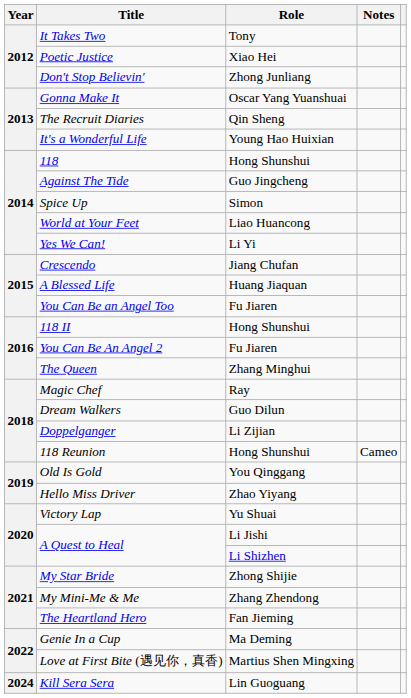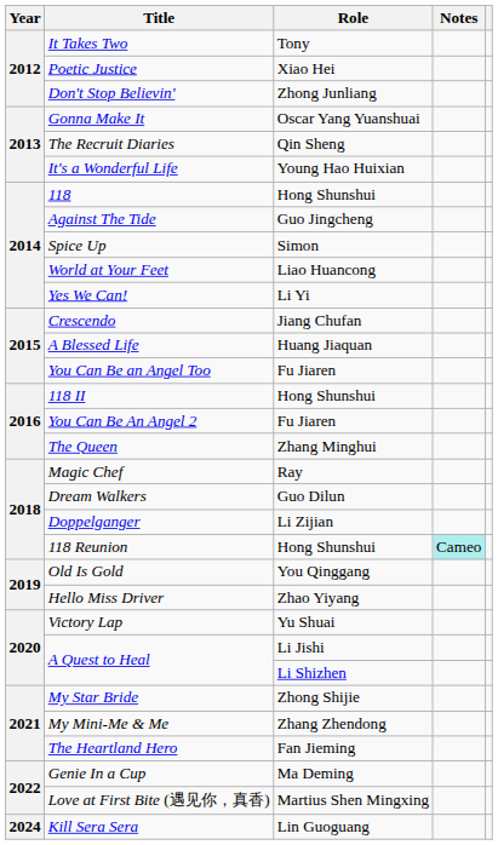 <table class="wikitable plainrowheaders">
 <tr>
 <th scope="col">Year</th>
 <th scope="col">Title</th>
 <th scope="col">Role</th>
 <th scope="col" class="unsortable">Notes</th>
 <th scope="col" class="unsortable"></th>
 </tr>
 <tr>
 <th scope="row" rowspan="3">2012</th>
 <td><em><a href='#'>It Takes Two</a></em></td>
 <td>Tony</td>
 <td></td>
 <td></td>
 </tr>
 <tr>
 <td><em><a href='#'>Poetic Justice</a></em></td>
 <td>Xiao Hei</td>
 <td></td>
 <td></td>
 </tr>
 <tr>
 <td><em><a href='#'>Don't Stop Believin'</a></em></td>
 <td>Zhong Junliang</td>
 <td></td>
 <td></td>
 </tr>
 <tr>
 <th scope="row" rowspan="3">2013</th>
 <td><em><a href='#'>Gonna Make It</a></em></td>
 <td>Oscar Yang Yuanshuai</td>
 <td></td>
 <td></td>
 </tr>
 <tr>
 <td><em>The Recruit Diaries</em></td>
 <td>Qin Sheng</td>
 <td></td>
 <td></td>
 </tr>
 <tr>
 <td><em><a href='#'>It's a Wonderful Life</a></em></td>
 <td>Young Hao Huixian</td>
 <td></td>
 <td></td>
 </tr>
 <tr>
 <th scope="row" rowspan="5">2014</th>
 <td><em> <a href='#'>118</a> </em></td>
 <td>Hong Shunshui</td>
 <td></td>
 <td></td>
 </tr>
 <tr>
 <td><em><a href='#'>Against The Tide</a></em></td>
 <td>Guo Jingcheng</td>
 <td></td>
 <td></td>
 </tr>
 <tr>
 <td><em>Spice Up</em></td>
 <td>Simon</td>
 <td></td>
 <td></td>
 </tr>
 <tr>
 <td><em><a href='#'>World at Your Feet</a></em></td>
 <td>Liao Huancong</td>
 <td></td>
 <td></td>
 </tr>
 <tr>
 <td><em><a href='#'>Yes We Can!</a></em></td>
 <td>Li Yi</td>
 <td></td>
 <td></td>
 </tr>
 <tr>
 <th scope="row" rowspan="3">2015</th>
 <td><em><a href='#'>Crescendo</a></em></td>
 <td>Jiang Chufan</td>
 <td></td>
 <td></td>
 </tr>
 <tr>
 <td><em><a href='#'>A Blessed Life</a></em></td>
 <td>Huang Jiaquan</td>
 <td></td>
 <td></td>
 </tr>
 <tr>
 <td><em><a href='#'>You Can Be an Angel Too</a></em></td>
 <td>Fu Jiaren</td>
 <td></td>
 <td></td>
 </tr>
 <tr>
 <th scope="row" rowspan="3">2016</th>
 <td><em><a href='#'>118 II</a></em></td>
 <td>Hong Shunshui</td>
 <td></td>
 <td></td>
 </tr>
 <tr>
 <td><em><a href='#'>You Can Be An Angel 2</a></em></td>
 <td>Fu Jiaren</td>
 <td></td>
 <td></td>
 </tr>
 <tr>
 <td><em><a href='#'>The Queen</a></em></td>
 <td>Zhang Minghui</td>
 <td></td>
 <td></td>
 </tr>
 <tr>
 <th scope="row" rowspan="4">2018</th>
 <td><em>Magic Chef</em></td>
 <td>Ray</td>
 <td></td>
 <td></td>
 </tr>
 <tr>
 <td><em>Dream Walkers</em></td>
 <td>Guo Dilun</td>
 <td></td>
 <td></td>
 </tr>
 <tr>
 <td><em><a href='#'>Doppelganger</a></em></td>
 <td>Li Zijian</td>
 <td></td>
 <td></td>
 </tr>
 <tr>
 <td><em>118 Reunion</em></td>
 <td>Hong Shunshui</td>
-<td>Cameo</td>
+<td style="background: paleturquoise;">Cameo</td>
 <td></td>
 </tr>
 <tr>
 <th scope="row" rowspan="2">2019</th>
 <td><em>Old Is Gold</em></td>
 <td>You Qinggang</td>
 <td></td>
 <td></td>
 </tr>
 <tr>
 <td><em>Hello Miss Driver</em></td>
 <td>Zhao Yiyang</td>
 <td></td>
 <td></td>
 </tr>
 <tr>
 <th scope="row" rowspan="3">2020</th>
 <td><em>Victory Lap</em></td>
 <td>Yu Shuai</td>
 <td></td>
 <td></td>
 </tr>
 <tr>
 <td rowspan="2"><em><a href='#'>A Quest to Heal</a></em></td>
 <td>Li Jishi</td>
 <td></td>
 <td></td>
 </tr>
 <tr>
 <td><a href='#'>Li Shizhen</a></td>
 <td></td>
 <td></td>
 </tr>
 <tr>
 <th scope="row" rowspan="3">2021</th>
 <td><em><a href='#'>My Star Bride</a></em></td>
 <td>Zhong Shijie</td>
 <td></td>
 <td></td>
 </tr>
 <tr>
 <td><em> My Mini-Me & Me</em></td>
 <td>Zhang Zhendong</td>
 <td></td>
 <td></td>
 </tr>
 <tr>
 <td><em><a href='#'>The Heartland Hero</a></em></td>
 <td>Fan Jieming</td>
 <td></td>
 <td></td>
 </tr>
 <tr>
 <th scope="row" rowspan="2">2022</th>
 <td><em>Genie In a Cup</em></td>
 <td>Ma Deming</td>
 <td></td>
 <td></td>
 </tr>
 <tr>
 <td><em>Love at First Bite</em> (遇见你，真香)</td>
 <td>Martius Shen Mingxing</td>
 <td></td>
 <td></td>
 </tr>
 <tr>
 <th scope="row" rowspan="1">2024</th>
 <td><em><a href='#'>Kill Sera Sera</a></td>
 <td>Lin Guoguang</td>
 <td></td>
 <td></td>
 </tr>
 </table>
